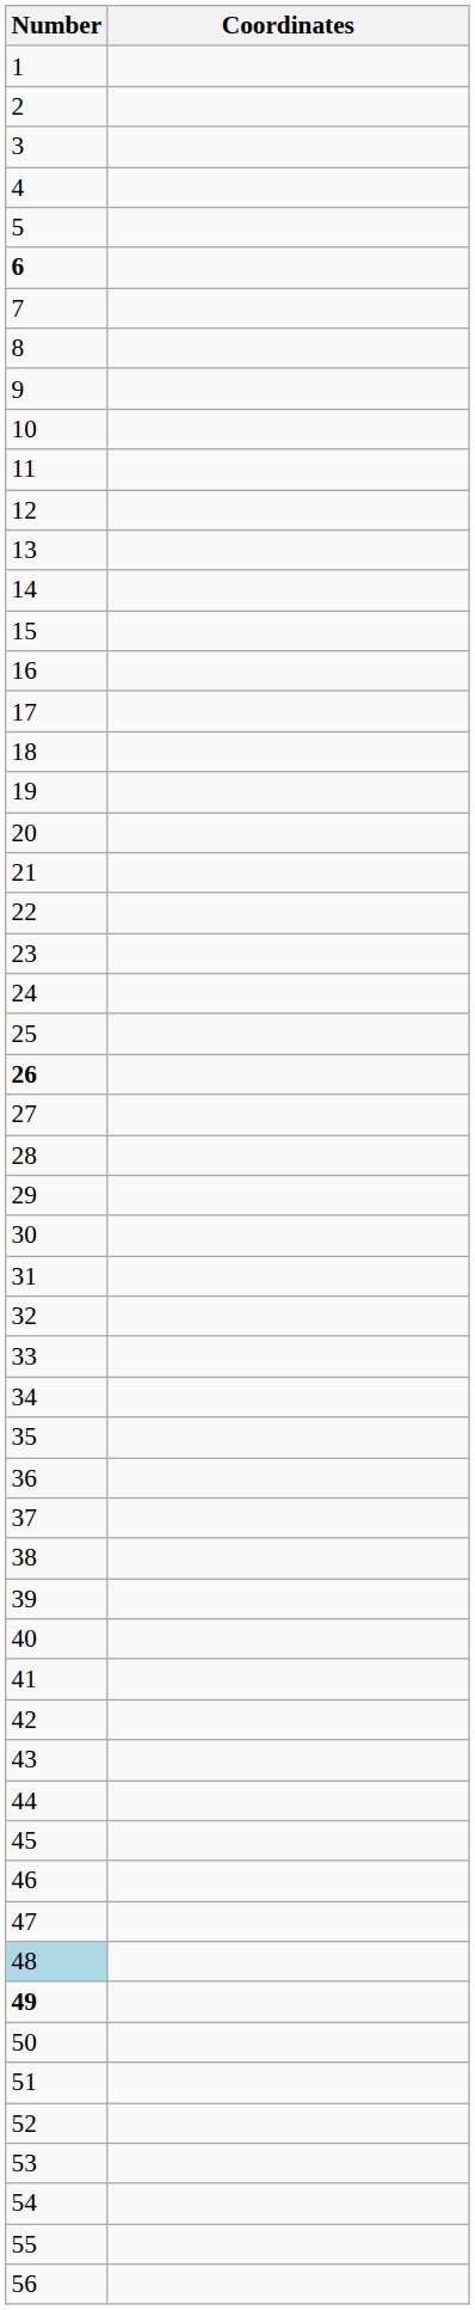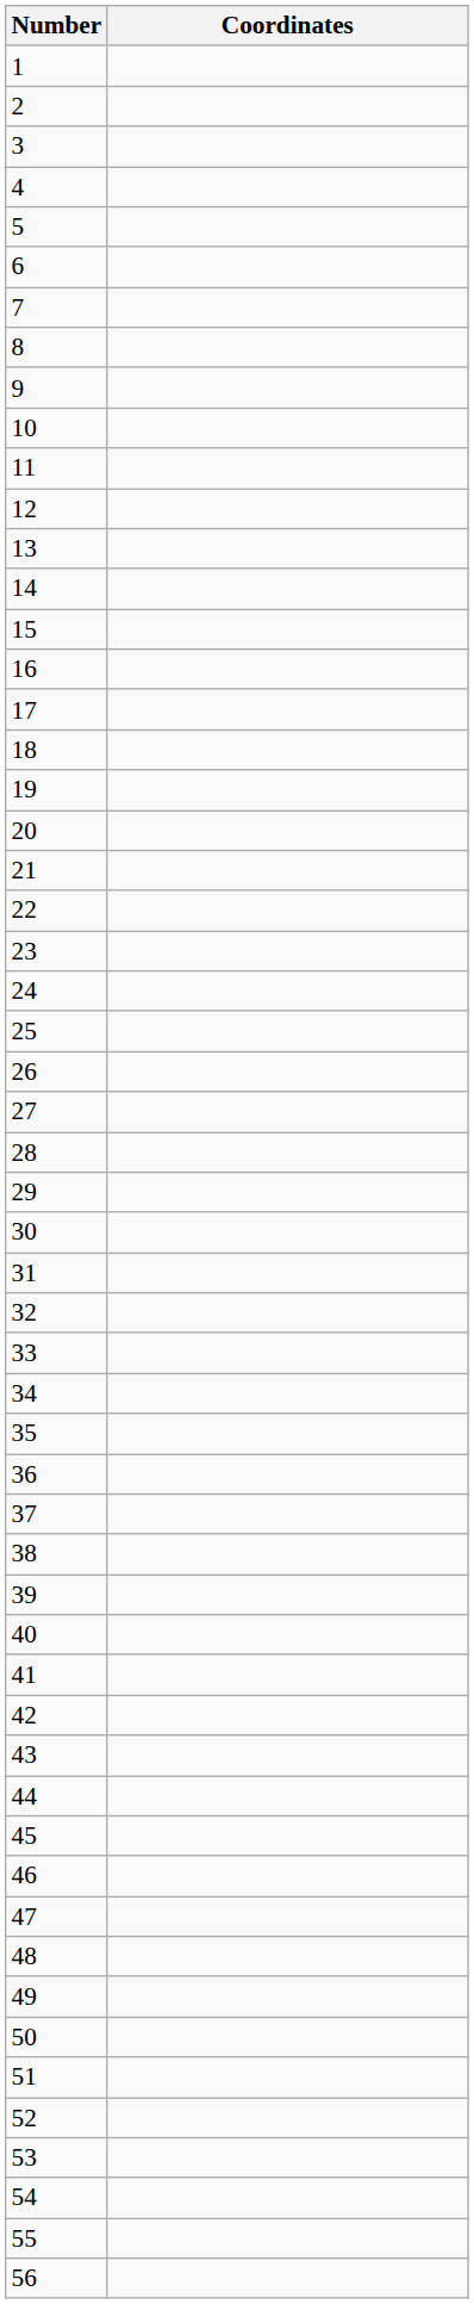 <table class="wikitable sortable">
 <tr>
 <th>Number</th>
 <th width="220">Coordinates</th>
 </tr>
 <tr>
 <td>1</td>
 <td></td>
 </tr>
 <tr>
 <td>2</td>
 <td></td>
 </tr>
 <tr>
 <td>3</td>
 <td></td>
 </tr>
 <tr>
 <td>4</td>
 <td></td>
 </tr>
 <tr>
 <td>5</td>
 <td></td>
 </tr>
 <tr>
-<td><strong>6</strong></td>
+<td>6</td>
 <td></td>
 </tr>
 <tr>
 <td>7</td>
 <td></td>
 </tr>
 <tr>
 <td>8</td>
 <td></td>
 </tr>
 <tr>
 <td>9</td>
 <td></td>
 </tr>
 <tr>
 <td>10</td>
 <td></td>
 </tr>
 <tr>
 <td>11</td>
 <td></td>
 </tr>
 <tr>
 <td>12</td>
 <td></td>
 </tr>
 <tr>
 <td>13</td>
 <td></td>
 </tr>
 <tr>
 <td>14</td>
 <td></td>
 </tr>
 <tr>
 <td>15</td>
 <td></td>
 </tr>
 <tr>
 <td>16</td>
 <td></td>
 </tr>
 <tr>
 <td>17</td>
 <td></td>
 </tr>
 <tr>
 <td>18</td>
 <td></td>
 </tr>
 <tr>
 <td>19</td>
 <td></td>
 </tr>
 <tr>
 <td>20</td>
 <td></td>
 </tr>
 <tr>
 <td>21</td>
 <td></td>
 </tr>
 <tr>
 <td>22</td>
 <td></td>
 </tr>
 <tr>
 <td>23</td>
 <td></td>
 </tr>
 <tr>
 <td>24</td>
 <td></td>
 </tr>
 <tr>
 <td>25</td>
 <td></td>
 </tr>
 <tr>
-<td><strong>26</strong></td>
+<td>26</td>
 <td></td>
 </tr>
 <tr>
 <td>27</td>
 <td></td>
 </tr>
 <tr>
 <td>28</td>
 <td></td>
 </tr>
 <tr>
 <td>29</td>
 <td></td>
 </tr>
 <tr>
 <td>30</td>
 <td></td>
 </tr>
 <tr>
 <td>31</td>
 <td></td>
 </tr>
 <tr>
 <td>32</td>
 <td></td>
 </tr>
 <tr>
 <td>33</td>
 <td></td>
 </tr>
 <tr>
 <td>34</td>
 <td></td>
 </tr>
 <tr>
 <td>35</td>
 <td></td>
 </tr>
 <tr>
 <td>36</td>
 <td></td>
 </tr>
 <tr>
 <td>37</td>
 <td></td>
 </tr>
 <tr>
 <td>38</td>
 <td></td>
 </tr>
 <tr>
 <td>39</td>
 <td></td>
 </tr>
 <tr>
 <td>40</td>
 <td></td>
 </tr>
 <tr>
 <td>41</td>
 <td></td>
 </tr>
 <tr>
 <td>42</td>
 <td></td>
 </tr>
 <tr>
 <td>43</td>
 <td></td>
 </tr>
 <tr>
 <td>44</td>
 <td></td>
 </tr>
 <tr>
 <td>45</td>
 <td></td>
 </tr>
 <tr>
 <td>46</td>
 <td></td>
 </tr>
 <tr>
 <td>47</td>
 <td></td>
 </tr>
 <tr>
-<td style="background: lightblue;">48</td>
+<td>48</td>
 <td></td>
 </tr>
 <tr>
-<td><strong>49</strong></td>
+<td>49</td>
 <td></td>
 </tr>
 <tr>
 <td>50</td>
 <td></td>
 </tr>
 <tr>
 <td>51</td>
 <td></td>
 </tr>
 <tr>
 <td>52</td>
 <td></td>
 </tr>
 <tr>
 <td>53</td>
 <td></td>
 </tr>
 <tr>
 <td>54</td>
 <td></td>
 </tr>
 <tr>
 <td>55</td>
 <td></td>
 </tr>
 <tr>
 <td>56</td>
 <td></td>
 </tr>
 </table>
